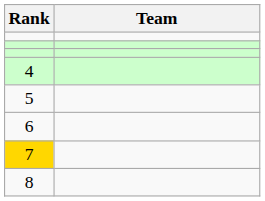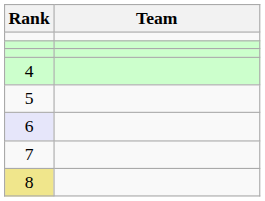 <table class=wikitable style="text-align:center;">
 <tr>
 <th>Rank</th>
 <th width=180>Team</th>
 </tr>
 <tr>
 <td></td>
 <td align=left></td>
 </tr>
 <tr bgcolor=#CCFFCC>
 <td></td>
 <td align=left></td>
 </tr>
 <tr bgcolor=#CCFFCC>
 <td></td>
 <td align=left></td>
 </tr>
 <tr bgcolor=#CCFFCC>
 <td>4</td>
 <td align=left></td>
 </tr>
 <tr>
 <td>5</td>
 <td align=left></td>
 </tr>
 <tr>
-<td>6</td>
+<td style="background: lavender;">6</td>
 <td align=left></td>
 </tr>
 <tr>
-<td style="background: gold;">7</td>
+<td>7</td>
 <td align=left></td>
 </tr>
 <tr>
-<td>8</td>
+<td style="background: khaki;">8</td>
 <td align=left></td>
 </tr>
 </table>
